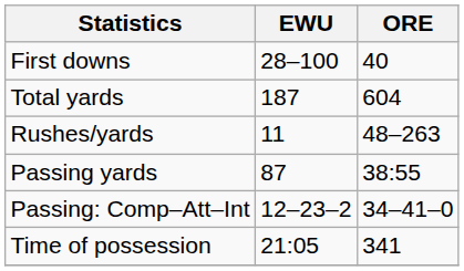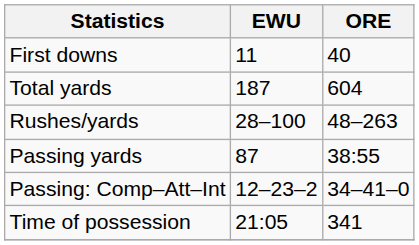 <table class="wikitable" style="float: left;">
 <tr>
 <th>Statistics</th>
 <th>EWU</th>
 <th>ORE</th>
 </tr>
 <tr>
 <td>First downs</td>
-<td>28–100</td>
+<td>11</td>
 <td>40</td>
 </tr>
 <tr>
 <td>Total yards</td>
 <td>187</td>
 <td>604</td>
 </tr>
 <tr>
 <td>Rushes/yards</td>
-<td>11</td>
+<td>28–100</td>
 <td>48–263</td>
 </tr>
 <tr>
 <td>Passing yards</td>
 <td>87</td>
 <td>38:55</td>
 </tr>
 <tr>
 <td>Passing: Comp–Att–Int</td>
 <td>12–23–2</td>
 <td>34–41–0</td>
 </tr>
 <tr>
 <td>Time of possession</td>
 <td>21:05</td>
 <td>341</td>
 </tr>
 <tr>
 </tr>
 </table>
